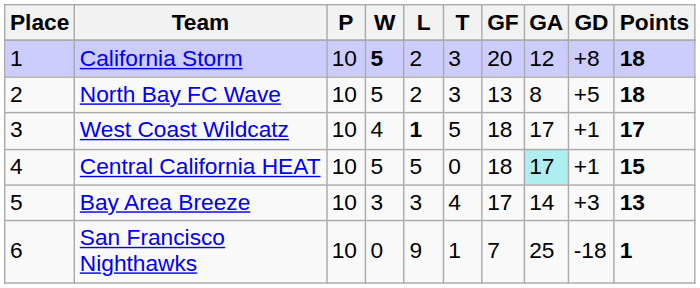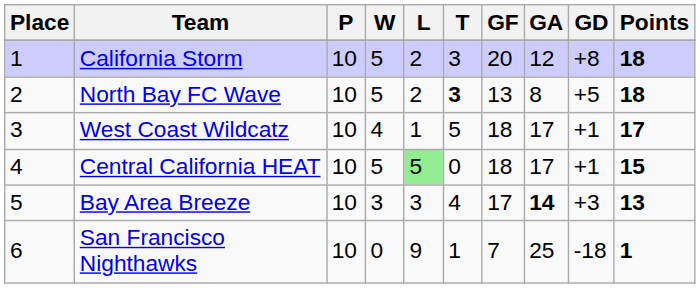 <table class="wikitable">
 <tr>
 <th>Place</th>
 <th width="170">Team</th>
 <th width="20">P</th>
 <th width="20">W</th>
 <th width="20">L</th>
 <th width="20">T</th>
 <th width="20">GF</th>
 <th width="20">GA</th>
 <th width="25">GD</th>
 <th>Points</th>
 </tr>
 <tr>
 </tr>
 <tr bgcolor=#ccccff>
 <td>1</td>
 <td><a href='#'>California Storm</a></td>
 <td>10</td>
-<td><strong>5</strong></td>
+<td>5</td>
 <td>2</td>
 <td>3</td>
 <td>20</td>
 <td>12</td>
 <td>+8</td>
 <td><strong>18</strong></td>
 </tr>
 <tr>
 <td>2</td>
 <td><a href='#'>North Bay FC Wave</a></td>
 <td>10</td>
 <td>5</td>
 <td>2</td>
-<td>3</td>
+<td><strong>3</strong></td>
 <td>13</td>
 <td>8</td>
 <td>+5</td>
 <td><strong>18</strong></td>
 </tr>
 <tr>
 <td>3</td>
 <td><a href='#'>West Coast Wildcatz</a></td>
 <td>10</td>
 <td>4</td>
-<td><strong>1</strong></td>
+<td>1</td>
 <td>5</td>
 <td>18</td>
 <td>17</td>
 <td>+1</td>
 <td><strong>17</strong></td>
 </tr>
 <tr>
 <td>4</td>
 <td><a href='#'>Central California HEAT</a></td>
 <td>10</td>
 <td>5</td>
-<td>5</td>
+<td style="background: lightgreen;">5</td>
 <td>0</td>
 <td>18</td>
-<td style="background: paleturquoise;">17</td>
+<td>17</td>
 <td>+1</td>
 <td><strong>15</strong></td>
 </tr>
 <tr>
 <td>5</td>
 <td><a href='#'>Bay Area Breeze</a></td>
 <td>10</td>
 <td>3</td>
 <td>3</td>
 <td>4</td>
 <td>17</td>
-<td>14</td>
+<td><strong>14</strong></td>
 <td>+3</td>
 <td><strong>13</strong></td>
 </tr>
 <tr>
 <td>6</td>
 <td><a href='#'>San Francisco Nighthawks</a></td>
 <td>10</td>
 <td>0</td>
 <td>9</td>
 <td>1</td>
 <td>7</td>
 <td>25</td>
 <td>-18</td>
 <td><strong>1</strong></td>
 </tr>
 </table>
